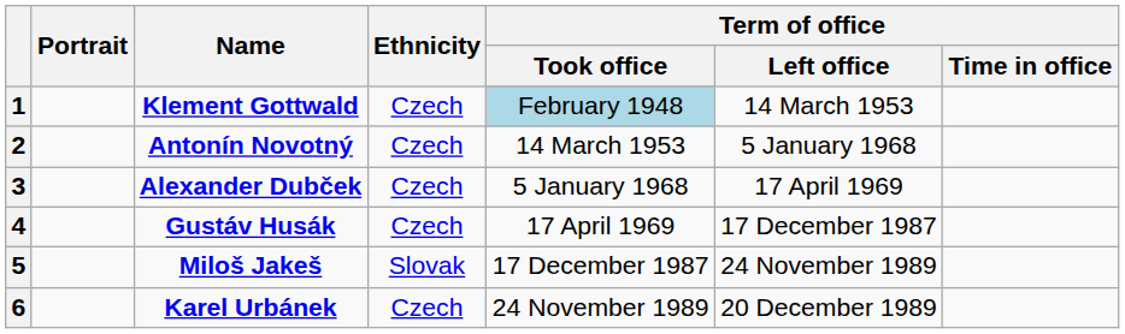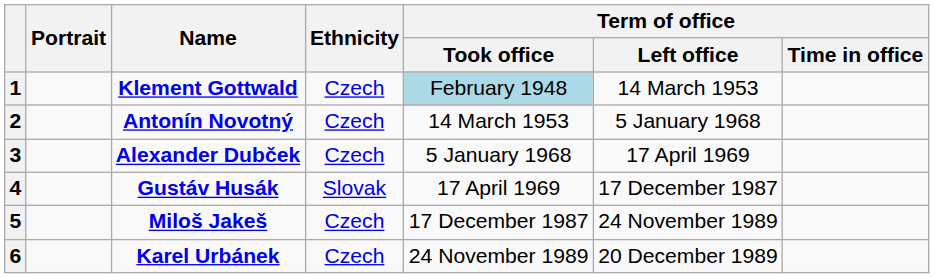 <table class="wikitable" style="text-align:center">
 <tr>
 <th rowspan="2"></th>
 <th rowspan="2">Portrait</th>
 <th rowspan="2">Name</th>
 <th rowspan="2">Ethnicity</th>
 <th colspan="3">Term of office</th>
 </tr>
 <tr>
 <th>Took office</th>
 <th>Left office</th>
 <th>Time in office</th>
 </tr>
 <tr>
 <th style="background:">1</th>
 <td></td>
 <td><strong><a href='#'>Klement Gottwald</a></strong><br></td>
 <td><a href='#'>Czech</a></td>
 <td style="background: lightblue;">February 1948</td>
 <td>14 March 1953</td>
 <td></td>
 </tr>
 <tr>
 <th style="background:">2</th>
 <td></td>
 <td><strong><a href='#'>Antonín Novotný</a></strong><br></td>
 <td><a href='#'>Czech</a></td>
 <td>14 March 1953</td>
 <td>5 January 1968</td>
 <td></td>
 </tr>
 <tr>
 <th style="background:">3</th>
 <td></td>
 <td><strong><a href='#'>Alexander Dubček</a></strong><br></td>
 <td><a href='#'>Czech</a></td>
 <td>5 January 1968</td>
 <td>17 April 1969</td>
 <td></td>
 </tr>
 <tr>
 <th style="background:">4</th>
 <td></td>
 <td><strong><a href='#'>Gustáv Husák</a></strong><br></td>
-<td><a href='#'>Czech</a></td>
+<td><a href='#'>Slovak</a></td>
 <td>17 April 1969</td>
 <td>17 December 1987</td>
 <td></td>
 </tr>
 <tr>
 <th style="background:">5</th>
 <td></td>
 <td><strong><a href='#'>Miloš Jakeš</a></strong><br></td>
-<td><a href='#'>Slovak</a></td>
+<td><a href='#'>Czech</a></td>
 <td>17 December 1987</td>
 <td>24 November 1989</td>
 <td></td>
 </tr>
 <tr>
 <th style="background:">6</th>
 <td></td>
 <td><strong><a href='#'>Karel Urbánek</a></strong><br></td>
 <td><a href='#'>Czech</a></td>
 <td>24 November 1989</td>
 <td>20 December 1989</td>
 <td></td>
 </tr>
 </table>
